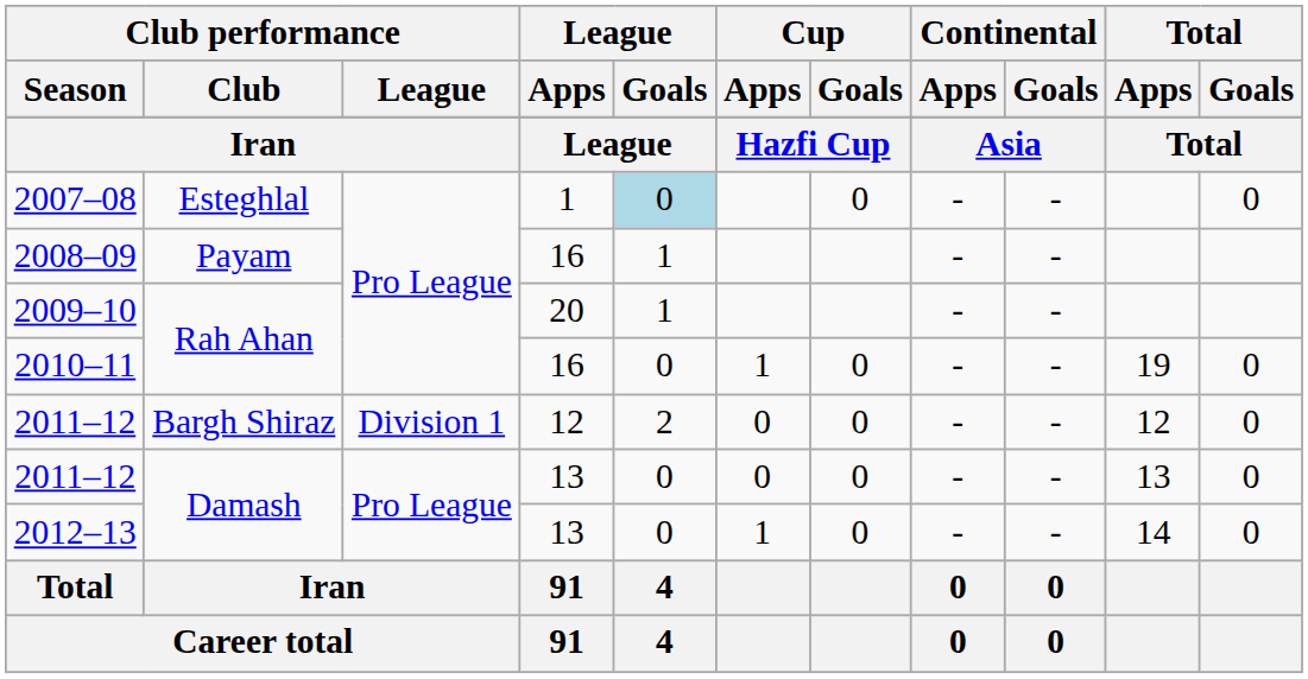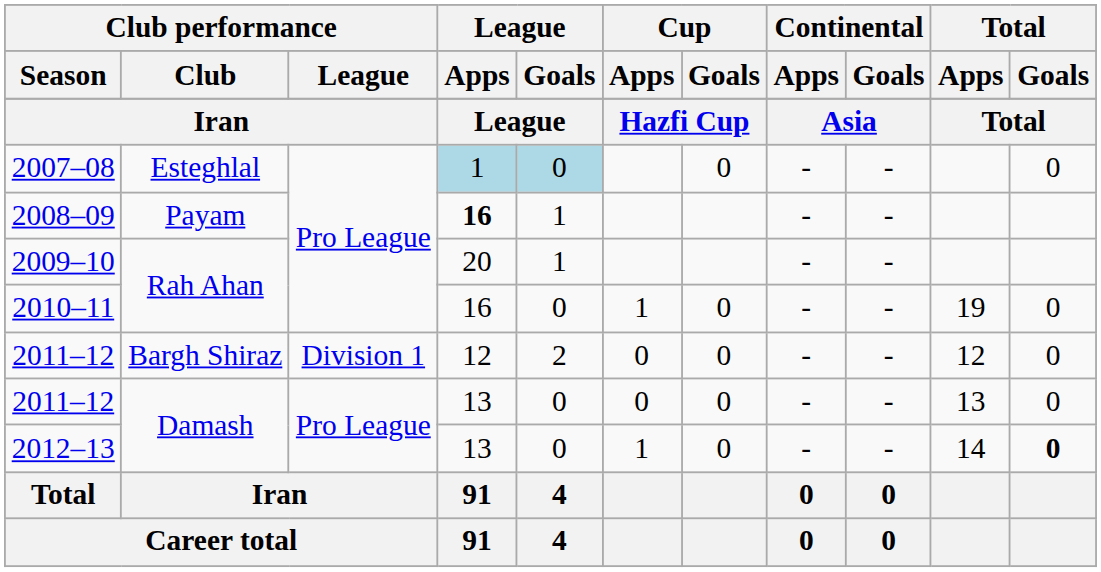 <table class="wikitable" style="text-align:center">
 <tr>
 <th colspan=3>Club performance</th>
 <th colspan=2>League</th>
 <th colspan=2>Cup</th>
 <th colspan=2>Continental</th>
 <th colspan=2>Total</th>
 </tr>
 <tr>
 <th>Season</th>
 <th>Club</th>
 <th>League</th>
 <th>Apps</th>
 <th>Goals</th>
 <th>Apps</th>
 <th>Goals</th>
 <th>Apps</th>
 <th>Goals</th>
 <th>Apps</th>
 <th>Goals</th>
 </tr>
 <tr>
 </tr>
 <tr>
 <th colspan=3>Iran</th>
 <th colspan=2>League</th>
 <th colspan=2><a href='#'>Hazfi Cup</a></th>
 <th colspan=2><a href='#'>Asia</a></th>
 <th colspan=2>Total</th>
 </tr>
 <tr>
 <td><a href='#'>2007–08</a></td>
 <td rowspan="1"><a href='#'>Esteghlal</a></td>
 <td rowspan="4"><a href='#'>Pro League</a></td>
-<td>1</td>
+<td style="background: lightblue;">1</td>
 <td style="background: lightblue;">0</td>
 <td></td>
 <td>0</td>
 <td>-</td>
 <td>-</td>
 <td></td>
 <td>0</td>
 </tr>
 <tr>
 <td><a href='#'>2008–09</a></td>
 <td rowspan="1"><a href='#'>Payam</a></td>
-<td>16</td>
+<td><strong>16</strong></td>
 <td>1</td>
 <td></td>
 <td></td>
 <td>-</td>
 <td>-</td>
 <td></td>
 <td></td>
 </tr>
 <tr>
 <td><a href='#'>2009–10</a></td>
 <td rowspan="2"><a href='#'>Rah Ahan</a></td>
 <td>20</td>
 <td>1</td>
 <td></td>
 <td></td>
 <td>-</td>
 <td>-</td>
 <td></td>
 <td></td>
 </tr>
 <tr>
 <td><a href='#'>2010–11</a></td>
 <td>16</td>
 <td>0</td>
 <td>1</td>
 <td>0</td>
 <td>-</td>
 <td>-</td>
 <td>19</td>
 <td>0</td>
 </tr>
 <tr>
 <td><a href='#'>2011–12</a></td>
 <td><a href='#'>Bargh Shiraz</a></td>
 <td><a href='#'>Division 1</a></td>
 <td>12</td>
 <td>2</td>
 <td>0</td>
 <td>0</td>
 <td>-</td>
 <td>-</td>
 <td>12</td>
 <td>0</td>
 </tr>
 <tr>
 <td><a href='#'>2011–12</a></td>
 <td rowspan="2"><a href='#'>Damash</a></td>
 <td rowspan="2"><a href='#'>Pro League</a></td>
 <td>13</td>
 <td>0</td>
 <td>0</td>
 <td>0</td>
 <td>-</td>
 <td>-</td>
 <td>13</td>
 <td>0</td>
 </tr>
 <tr>
 <td><a href='#'>2012–13</a></td>
 <td>13</td>
 <td>0</td>
 <td>1</td>
 <td>0</td>
 <td>-</td>
 <td>-</td>
 <td>14</td>
-<td>0</td>
+<td><strong>0</strong></td>
 </tr>
 <tr>
 <th rowspan=1>Total</th>
 <th colspan=2>Iran</th>
 <th>91</th>
 <th>4</th>
 <th></th>
 <th></th>
 <th>0</th>
 <th>0</th>
 <th></th>
 <th></th>
 </tr>
 <tr>
 <th colspan=3>Career total</th>
 <th>91</th>
 <th>4</th>
 <th></th>
 <th></th>
 <th>0</th>
 <th>0</th>
 <th></th>
 <th></th>
 </tr>
 </table>
